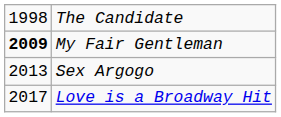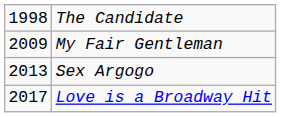 <table class="wikitable">
 <tr>
 <td>1998</td>
 <td><em>The Candidate</em></td>
 </tr>
 <tr>
-<td><strong>2009</strong></td>
+<td>2009</td>
 <td><em>My Fair Gentleman</em></td>
 </tr>
 <tr>
 <td>2013</td>
 <td><em>Sex Argogo</em></td>
 </tr>
 <tr>
 <td>2017</td>
 <td><em><a href='#'>Love is a Broadway Hit</a></em></td>
 </tr>
 </table>
